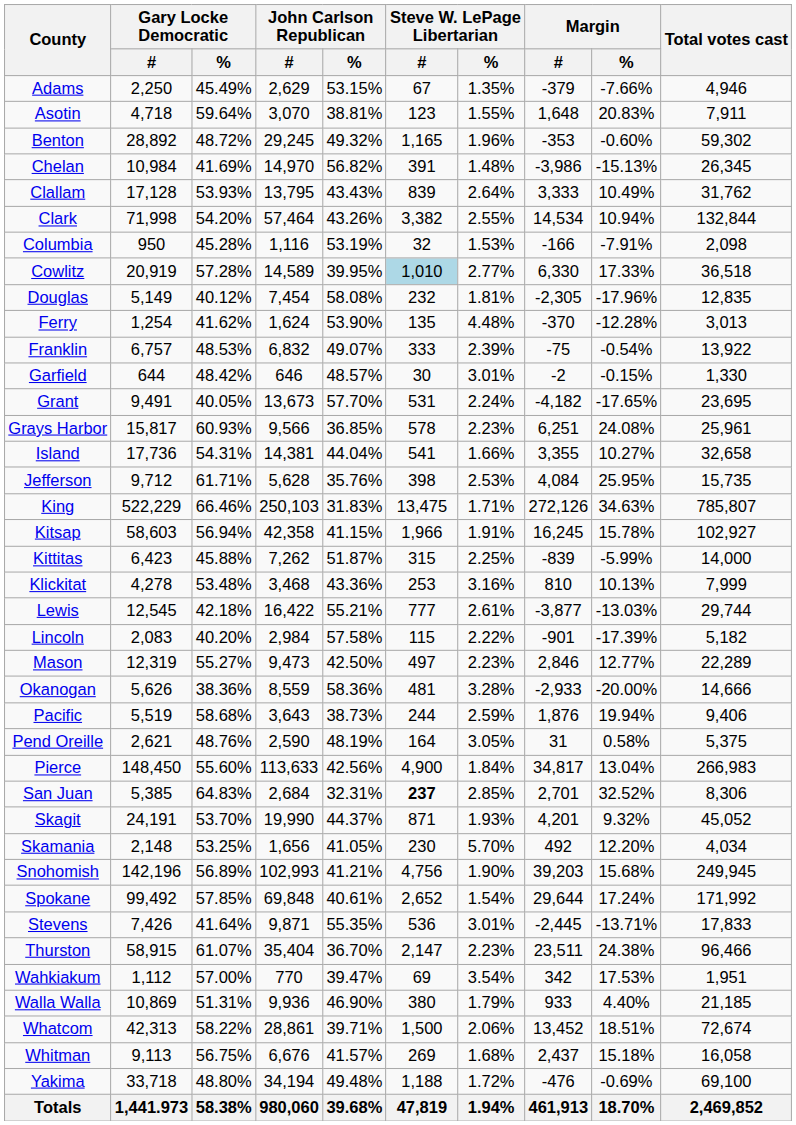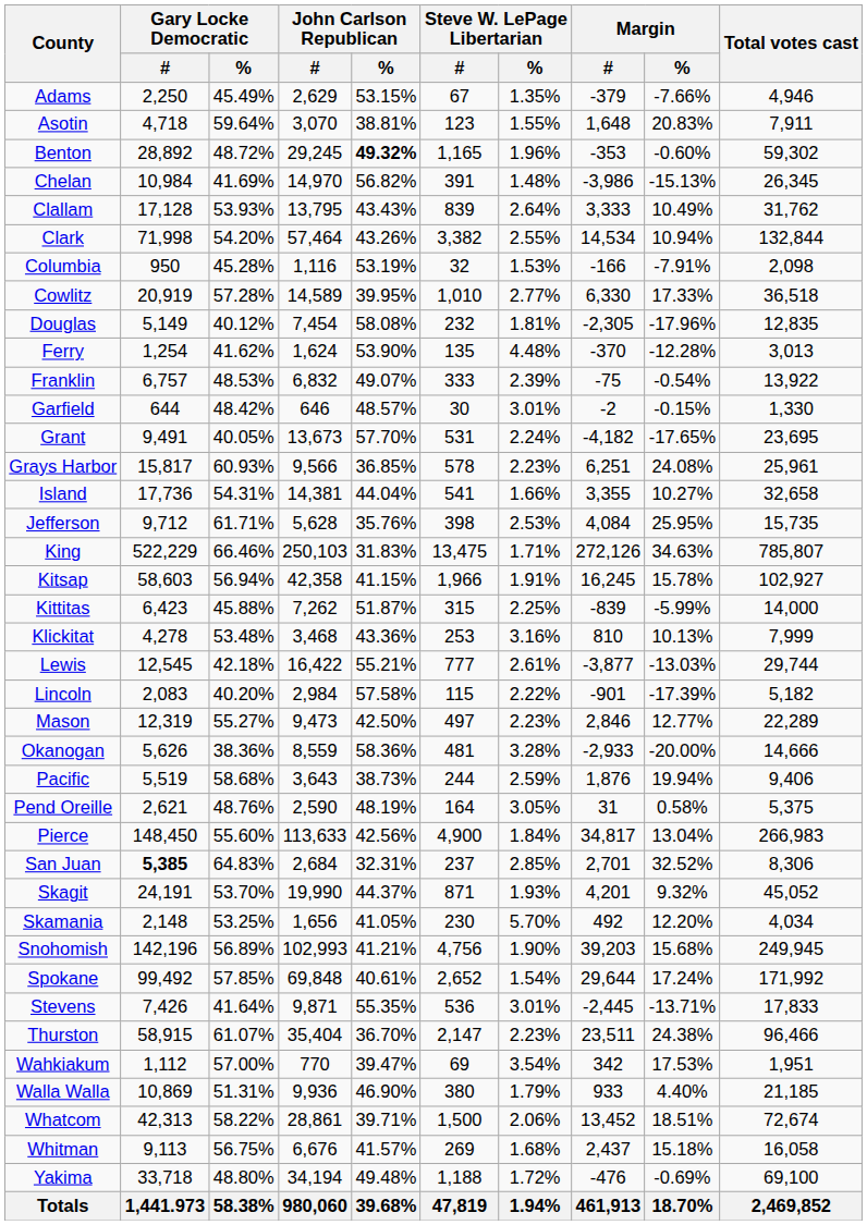 <table class="wikitable sortable">
 <tr>
 <th style="text-align:center;" rowspan="2">County</th>
 <th style="text-align:center;" colspan="2">Gary Locke<br>Democratic</th>
 <th style="text-align:center;" colspan="2">John Carlson<br>Republican</th>
 <th style="text-align:center;" colspan="2">Steve W. LePage<br>Libertarian</th>
 <th style="text-align:center;" colspan="2">Margin</th>
 <th style="text-align:center;" rowspan="2">Total votes cast</th>
 </tr>
 <tr bgcolor="lightgrey">
 <th style="text-align:center;" data-sort-type="number">#</th>
 <th style="text-align:center;" data-sort-type="number">%</th>
 <th style="text-align:center;" data-sort-type="number">#</th>
 <th style="text-align:center;" data-sort-type="number">%</th>
 <th style="text-align:center;" data-sort-type="number">#</th>
 <th style="text-align:center;" data-sort-type="number">%</th>
 <th style="text-align:center;" data-sort-type="number">#</th>
 <th style="text-align:center;" data-sort-type="number">%</th>
 </tr>
 <tr style="text-align:center;">
 <td><a href='#'>Adams</a></td>
 <td>2,250</td>
 <td>45.49%</td>
 <td>2,629</td>
 <td>53.15%</td>
 <td>67</td>
 <td>1.35%</td>
 <td>-379</td>
 <td>-7.66%</td>
 <td>4,946</td>
 </tr>
 <tr style="text-align:center;">
 <td><a href='#'>Asotin</a></td>
 <td>4,718</td>
 <td>59.64%</td>
 <td>3,070</td>
 <td>38.81%</td>
 <td>123</td>
 <td>1.55%</td>
 <td>1,648</td>
 <td>20.83%</td>
 <td>7,911</td>
 </tr>
 <tr style="text-align:center;">
 <td><a href='#'>Benton</a></td>
 <td>28,892</td>
 <td>48.72%</td>
 <td>29,245</td>
-<td>49.32%</td>
+<td><strong>49.32%</strong></td>
 <td>1,165</td>
 <td>1.96%</td>
 <td>-353</td>
 <td>-0.60%</td>
 <td>59,302</td>
 </tr>
 <tr style="text-align:center;">
 <td><a href='#'>Chelan</a></td>
 <td>10,984</td>
 <td>41.69%</td>
 <td>14,970</td>
 <td>56.82%</td>
 <td>391</td>
 <td>1.48%</td>
 <td>-3,986</td>
 <td>-15.13%</td>
 <td>26,345</td>
 </tr>
 <tr style="text-align:center;">
 <td><a href='#'>Clallam</a></td>
 <td>17,128</td>
 <td>53.93%</td>
 <td>13,795</td>
 <td>43.43%</td>
 <td>839</td>
 <td>2.64%</td>
 <td>3,333</td>
 <td>10.49%</td>
 <td>31,762</td>
 </tr>
 <tr style="text-align:center;">
 <td><a href='#'>Clark</a></td>
 <td>71,998</td>
 <td>54.20%</td>
 <td>57,464</td>
 <td>43.26%</td>
 <td>3,382</td>
 <td>2.55%</td>
 <td>14,534</td>
 <td>10.94%</td>
 <td>132,844</td>
 </tr>
 <tr style="text-align:center;">
 <td><a href='#'>Columbia</a></td>
 <td>950</td>
 <td>45.28%</td>
 <td>1,116</td>
 <td>53.19%</td>
 <td>32</td>
 <td>1.53%</td>
 <td>-166</td>
 <td>-7.91%</td>
 <td>2,098</td>
 </tr>
 <tr style="text-align:center;">
 <td><a href='#'>Cowlitz</a></td>
 <td>20,919</td>
 <td>57.28%</td>
 <td>14,589</td>
 <td>39.95%</td>
-<td style="background: lightblue;">1,010</td>
+<td>1,010</td>
 <td>2.77%</td>
 <td>6,330</td>
 <td>17.33%</td>
 <td>36,518</td>
 </tr>
 <tr style="text-align:center;">
 <td><a href='#'>Douglas</a></td>
 <td>5,149</td>
 <td>40.12%</td>
 <td>7,454</td>
 <td>58.08%</td>
 <td>232</td>
 <td>1.81%</td>
 <td>-2,305</td>
 <td>-17.96%</td>
 <td>12,835</td>
 </tr>
 <tr style="text-align:center;">
 <td><a href='#'>Ferry</a></td>
 <td>1,254</td>
 <td>41.62%</td>
 <td>1,624</td>
 <td>53.90%</td>
 <td>135</td>
 <td>4.48%</td>
 <td>-370</td>
 <td>-12.28%</td>
 <td>3,013</td>
 </tr>
 <tr style="text-align:center;">
 <td><a href='#'>Franklin</a></td>
 <td>6,757</td>
 <td>48.53%</td>
 <td>6,832</td>
 <td>49.07%</td>
 <td>333</td>
 <td>2.39%</td>
 <td>-75</td>
 <td>-0.54%</td>
 <td>13,922</td>
 </tr>
 <tr style="text-align:center;">
 <td><a href='#'>Garfield</a></td>
 <td>644</td>
 <td>48.42%</td>
 <td>646</td>
 <td>48.57%</td>
 <td>30</td>
 <td>3.01%</td>
 <td>-2</td>
 <td>-0.15%</td>
 <td>1,330</td>
 </tr>
 <tr style="text-align:center;">
 <td><a href='#'>Grant</a></td>
 <td>9,491</td>
 <td>40.05%</td>
 <td>13,673</td>
 <td>57.70%</td>
 <td>531</td>
 <td>2.24%</td>
 <td>-4,182</td>
 <td>-17.65%</td>
 <td>23,695</td>
 </tr>
 <tr style="text-align:center;">
 <td><a href='#'>Grays Harbor</a></td>
 <td>15,817</td>
 <td>60.93%</td>
 <td>9,566</td>
 <td>36.85%</td>
 <td>578</td>
 <td>2.23%</td>
 <td>6,251</td>
 <td>24.08%</td>
 <td>25,961</td>
 </tr>
 <tr style="text-align:center;">
 <td><a href='#'>Island</a></td>
 <td>17,736</td>
 <td>54.31%</td>
 <td>14,381</td>
 <td>44.04%</td>
 <td>541</td>
 <td>1.66%</td>
 <td>3,355</td>
 <td>10.27%</td>
 <td>32,658</td>
 </tr>
 <tr style="text-align:center;">
 <td><a href='#'>Jefferson</a></td>
 <td>9,712</td>
 <td>61.71%</td>
 <td>5,628</td>
 <td>35.76%</td>
 <td>398</td>
 <td>2.53%</td>
 <td>4,084</td>
 <td>25.95%</td>
 <td>15,735</td>
 </tr>
 <tr style="text-align:center;">
 <td><a href='#'>King</a></td>
 <td>522,229</td>
 <td>66.46%</td>
 <td>250,103</td>
 <td>31.83%</td>
 <td>13,475</td>
 <td>1.71%</td>
 <td>272,126</td>
 <td>34.63%</td>
 <td>785,807</td>
 </tr>
 <tr style="text-align:center;">
 <td><a href='#'>Kitsap</a></td>
 <td>58,603</td>
 <td>56.94%</td>
 <td>42,358</td>
 <td>41.15%</td>
 <td>1,966</td>
 <td>1.91%</td>
 <td>16,245</td>
 <td>15.78%</td>
 <td>102,927</td>
 </tr>
 <tr style="text-align:center;">
 <td><a href='#'>Kittitas</a></td>
 <td>6,423</td>
 <td>45.88%</td>
 <td>7,262</td>
 <td>51.87%</td>
 <td>315</td>
 <td>2.25%</td>
 <td>-839</td>
 <td>-5.99%</td>
 <td>14,000</td>
 </tr>
 <tr style="text-align:center;">
 <td><a href='#'>Klickitat</a></td>
 <td>4,278</td>
 <td>53.48%</td>
 <td>3,468</td>
 <td>43.36%</td>
 <td>253</td>
 <td>3.16%</td>
 <td>810</td>
 <td>10.13%</td>
 <td>7,999</td>
 </tr>
 <tr style="text-align:center;">
 <td><a href='#'>Lewis</a></td>
 <td>12,545</td>
 <td>42.18%</td>
 <td>16,422</td>
 <td>55.21%</td>
 <td>777</td>
 <td>2.61%</td>
 <td>-3,877</td>
 <td>-13.03%</td>
 <td>29,744</td>
 </tr>
 <tr style="text-align:center;">
 <td><a href='#'>Lincoln</a></td>
 <td>2,083</td>
 <td>40.20%</td>
 <td>2,984</td>
 <td>57.58%</td>
 <td>115</td>
 <td>2.22%</td>
 <td>-901</td>
 <td>-17.39%</td>
 <td>5,182</td>
 </tr>
 <tr style="text-align:center;">
 <td><a href='#'>Mason</a></td>
 <td>12,319</td>
 <td>55.27%</td>
 <td>9,473</td>
 <td>42.50%</td>
 <td>497</td>
 <td>2.23%</td>
 <td>2,846</td>
 <td>12.77%</td>
 <td>22,289</td>
 </tr>
 <tr style="text-align:center;">
 <td><a href='#'>Okanogan</a></td>
 <td>5,626</td>
 <td>38.36%</td>
 <td>8,559</td>
 <td>58.36%</td>
 <td>481</td>
 <td>3.28%</td>
 <td>-2,933</td>
 <td>-20.00%</td>
 <td>14,666</td>
 </tr>
 <tr style="text-align:center;">
 <td><a href='#'>Pacific</a></td>
 <td>5,519</td>
 <td>58.68%</td>
 <td>3,643</td>
 <td>38.73%</td>
 <td>244</td>
 <td>2.59%</td>
 <td>1,876</td>
 <td>19.94%</td>
 <td>9,406</td>
 </tr>
 <tr style="text-align:center;">
 <td><a href='#'>Pend Oreille</a></td>
 <td>2,621</td>
 <td>48.76%</td>
 <td>2,590</td>
 <td>48.19%</td>
 <td>164</td>
 <td>3.05%</td>
 <td>31</td>
 <td>0.58%</td>
 <td>5,375</td>
 </tr>
 <tr style="text-align:center;">
 <td><a href='#'>Pierce</a></td>
 <td>148,450</td>
 <td>55.60%</td>
 <td>113,633</td>
 <td>42.56%</td>
 <td>4,900</td>
 <td>1.84%</td>
 <td>34,817</td>
 <td>13.04%</td>
 <td>266,983</td>
 </tr>
 <tr style="text-align:center;">
 <td><a href='#'>San Juan</a></td>
-<td>5,385</td>
+<td><strong>5,385</strong></td>
 <td>64.83%</td>
 <td>2,684</td>
 <td>32.31%</td>
-<td><strong>237</strong></td>
+<td>237</td>
 <td>2.85%</td>
 <td>2,701</td>
 <td>32.52%</td>
 <td>8,306</td>
 </tr>
 <tr style="text-align:center;">
 <td><a href='#'>Skagit</a></td>
 <td>24,191</td>
 <td>53.70%</td>
 <td>19,990</td>
 <td>44.37%</td>
 <td>871</td>
 <td>1.93%</td>
 <td>4,201</td>
 <td>9.32%</td>
 <td>45,052</td>
 </tr>
 <tr style="text-align:center;">
 <td><a href='#'>Skamania</a></td>
 <td>2,148</td>
 <td>53.25%</td>
 <td>1,656</td>
 <td>41.05%</td>
 <td>230</td>
 <td>5.70%</td>
 <td>492</td>
 <td>12.20%</td>
 <td>4,034</td>
 </tr>
 <tr style="text-align:center;">
 <td><a href='#'>Snohomish</a></td>
 <td>142,196</td>
 <td>56.89%</td>
 <td>102,993</td>
 <td>41.21%</td>
 <td>4,756</td>
 <td>1.90%</td>
 <td>39,203</td>
 <td>15.68%</td>
 <td>249,945</td>
 </tr>
 <tr style="text-align:center;">
 <td><a href='#'>Spokane</a></td>
 <td>99,492</td>
 <td>57.85%</td>
 <td>69,848</td>
 <td>40.61%</td>
 <td>2,652</td>
 <td>1.54%</td>
 <td>29,644</td>
 <td>17.24%</td>
 <td>171,992</td>
 </tr>
 <tr style="text-align:center;">
 <td><a href='#'>Stevens</a></td>
 <td>7,426</td>
 <td>41.64%</td>
 <td>9,871</td>
 <td>55.35%</td>
 <td>536</td>
 <td>3.01%</td>
 <td>-2,445</td>
 <td>-13.71%</td>
 <td>17,833</td>
 </tr>
 <tr style="text-align:center;">
 <td><a href='#'>Thurston</a></td>
 <td>58,915</td>
 <td>61.07%</td>
 <td>35,404</td>
 <td>36.70%</td>
 <td>2,147</td>
 <td>2.23%</td>
 <td>23,511</td>
 <td>24.38%</td>
 <td>96,466</td>
 </tr>
 <tr style="text-align:center;">
 <td><a href='#'>Wahkiakum</a></td>
 <td>1,112</td>
 <td>57.00%</td>
 <td>770</td>
 <td>39.47%</td>
 <td>69</td>
 <td>3.54%</td>
 <td>342</td>
 <td>17.53%</td>
 <td>1,951</td>
 </tr>
 <tr style="text-align:center;">
 <td><a href='#'>Walla Walla</a></td>
 <td>10,869</td>
 <td>51.31%</td>
 <td>9,936</td>
 <td>46.90%</td>
 <td>380</td>
 <td>1.79%</td>
 <td>933</td>
 <td>4.40%</td>
 <td>21,185</td>
 </tr>
 <tr style="text-align:center;">
 <td><a href='#'>Whatcom</a></td>
 <td>42,313</td>
 <td>58.22%</td>
 <td>28,861</td>
 <td>39.71%</td>
 <td>1,500</td>
 <td>2.06%</td>
 <td>13,452</td>
 <td>18.51%</td>
 <td>72,674</td>
 </tr>
 <tr style="text-align:center;">
 <td><a href='#'>Whitman</a></td>
 <td>9,113</td>
 <td>56.75%</td>
 <td>6,676</td>
 <td>41.57%</td>
 <td>269</td>
 <td>1.68%</td>
 <td>2,437</td>
 <td>15.18%</td>
 <td>16,058</td>
 </tr>
 <tr style="text-align:center;">
 <td><a href='#'>Yakima</a></td>
 <td>33,718</td>
 <td>48.80%</td>
 <td>34,194</td>
 <td>49.48%</td>
 <td>1,188</td>
 <td>1.72%</td>
 <td>-476</td>
 <td>-0.69%</td>
 <td>69,100</td>
 </tr>
 <tr>
 <th>Totals</th>
 <th>1,441.973</th>
 <th>58.38%</th>
 <th>980,060</th>
 <th>39.68%</th>
 <th>47,819</th>
 <th>1.94%</th>
 <th>461,913</th>
 <th>18.70%</th>
 <th>2,469,852</th>
 </tr>
 </table>
